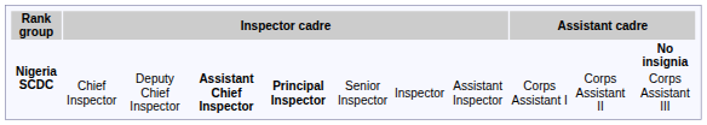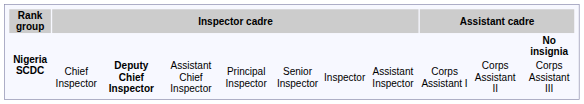 <table style="border:1px solid #8888aa; background-color:#f7f8ff; padding:5px; font-size:95%; margin: 0px 12px 12px 0px;">
 <tr style="background-color:#CCCCCC; text-align:center; width: 100%">
 <th>Rank group</th>
 <th colspan=10>Inspector cadre</th>
 <th colspan=26>Assistant cadre</th>
 </tr>
 <tr style="text-align:center;">
 <td rowspan=2><strong>Nigeria SCDC</strong></td>
 <td colspan=1></td>
 <td colspan=1></td>
 <td colspan=1></td>
 <td colspan=1></td>
 <td colspan=2></td>
 <td colspan=2></td>
 <td colspan=2></td>
 <td colspan=12></td>
 <td colspan=4></td>
 <td colspan=2 rowspan=2></td>
 <td colspan=8><strong>No insignia</strong></td>
 </tr>
 <tr style="text-align:center;">
 <td colspan=1>Chief Inspector</td>
-<td colspan=1>Deputy Chief Inspector</td>
-<td colspan=1><strong>Assistant Chief Inspector</strong></td>
-<td colspan=1><strong>Principal Inspector</strong></td>
+<td colspan=1><strong>Deputy Chief Inspector</strong></td>
+<td colspan=1>Assistant Chief Inspector</td>
+<td colspan=1>Principal Inspector</td>
 <td colspan=2>Senior Inspector</td>
 <td colspan=2>Inspector</td>
 <td colspan=2>Assistant Inspector</td>
 <td colspan=12>Corps Assistant I</td>
 <td colspan=4>Corps Assistant II</td>
 <td colspan=8>Corps Assistant III</td>
 </tr>
 </table>
